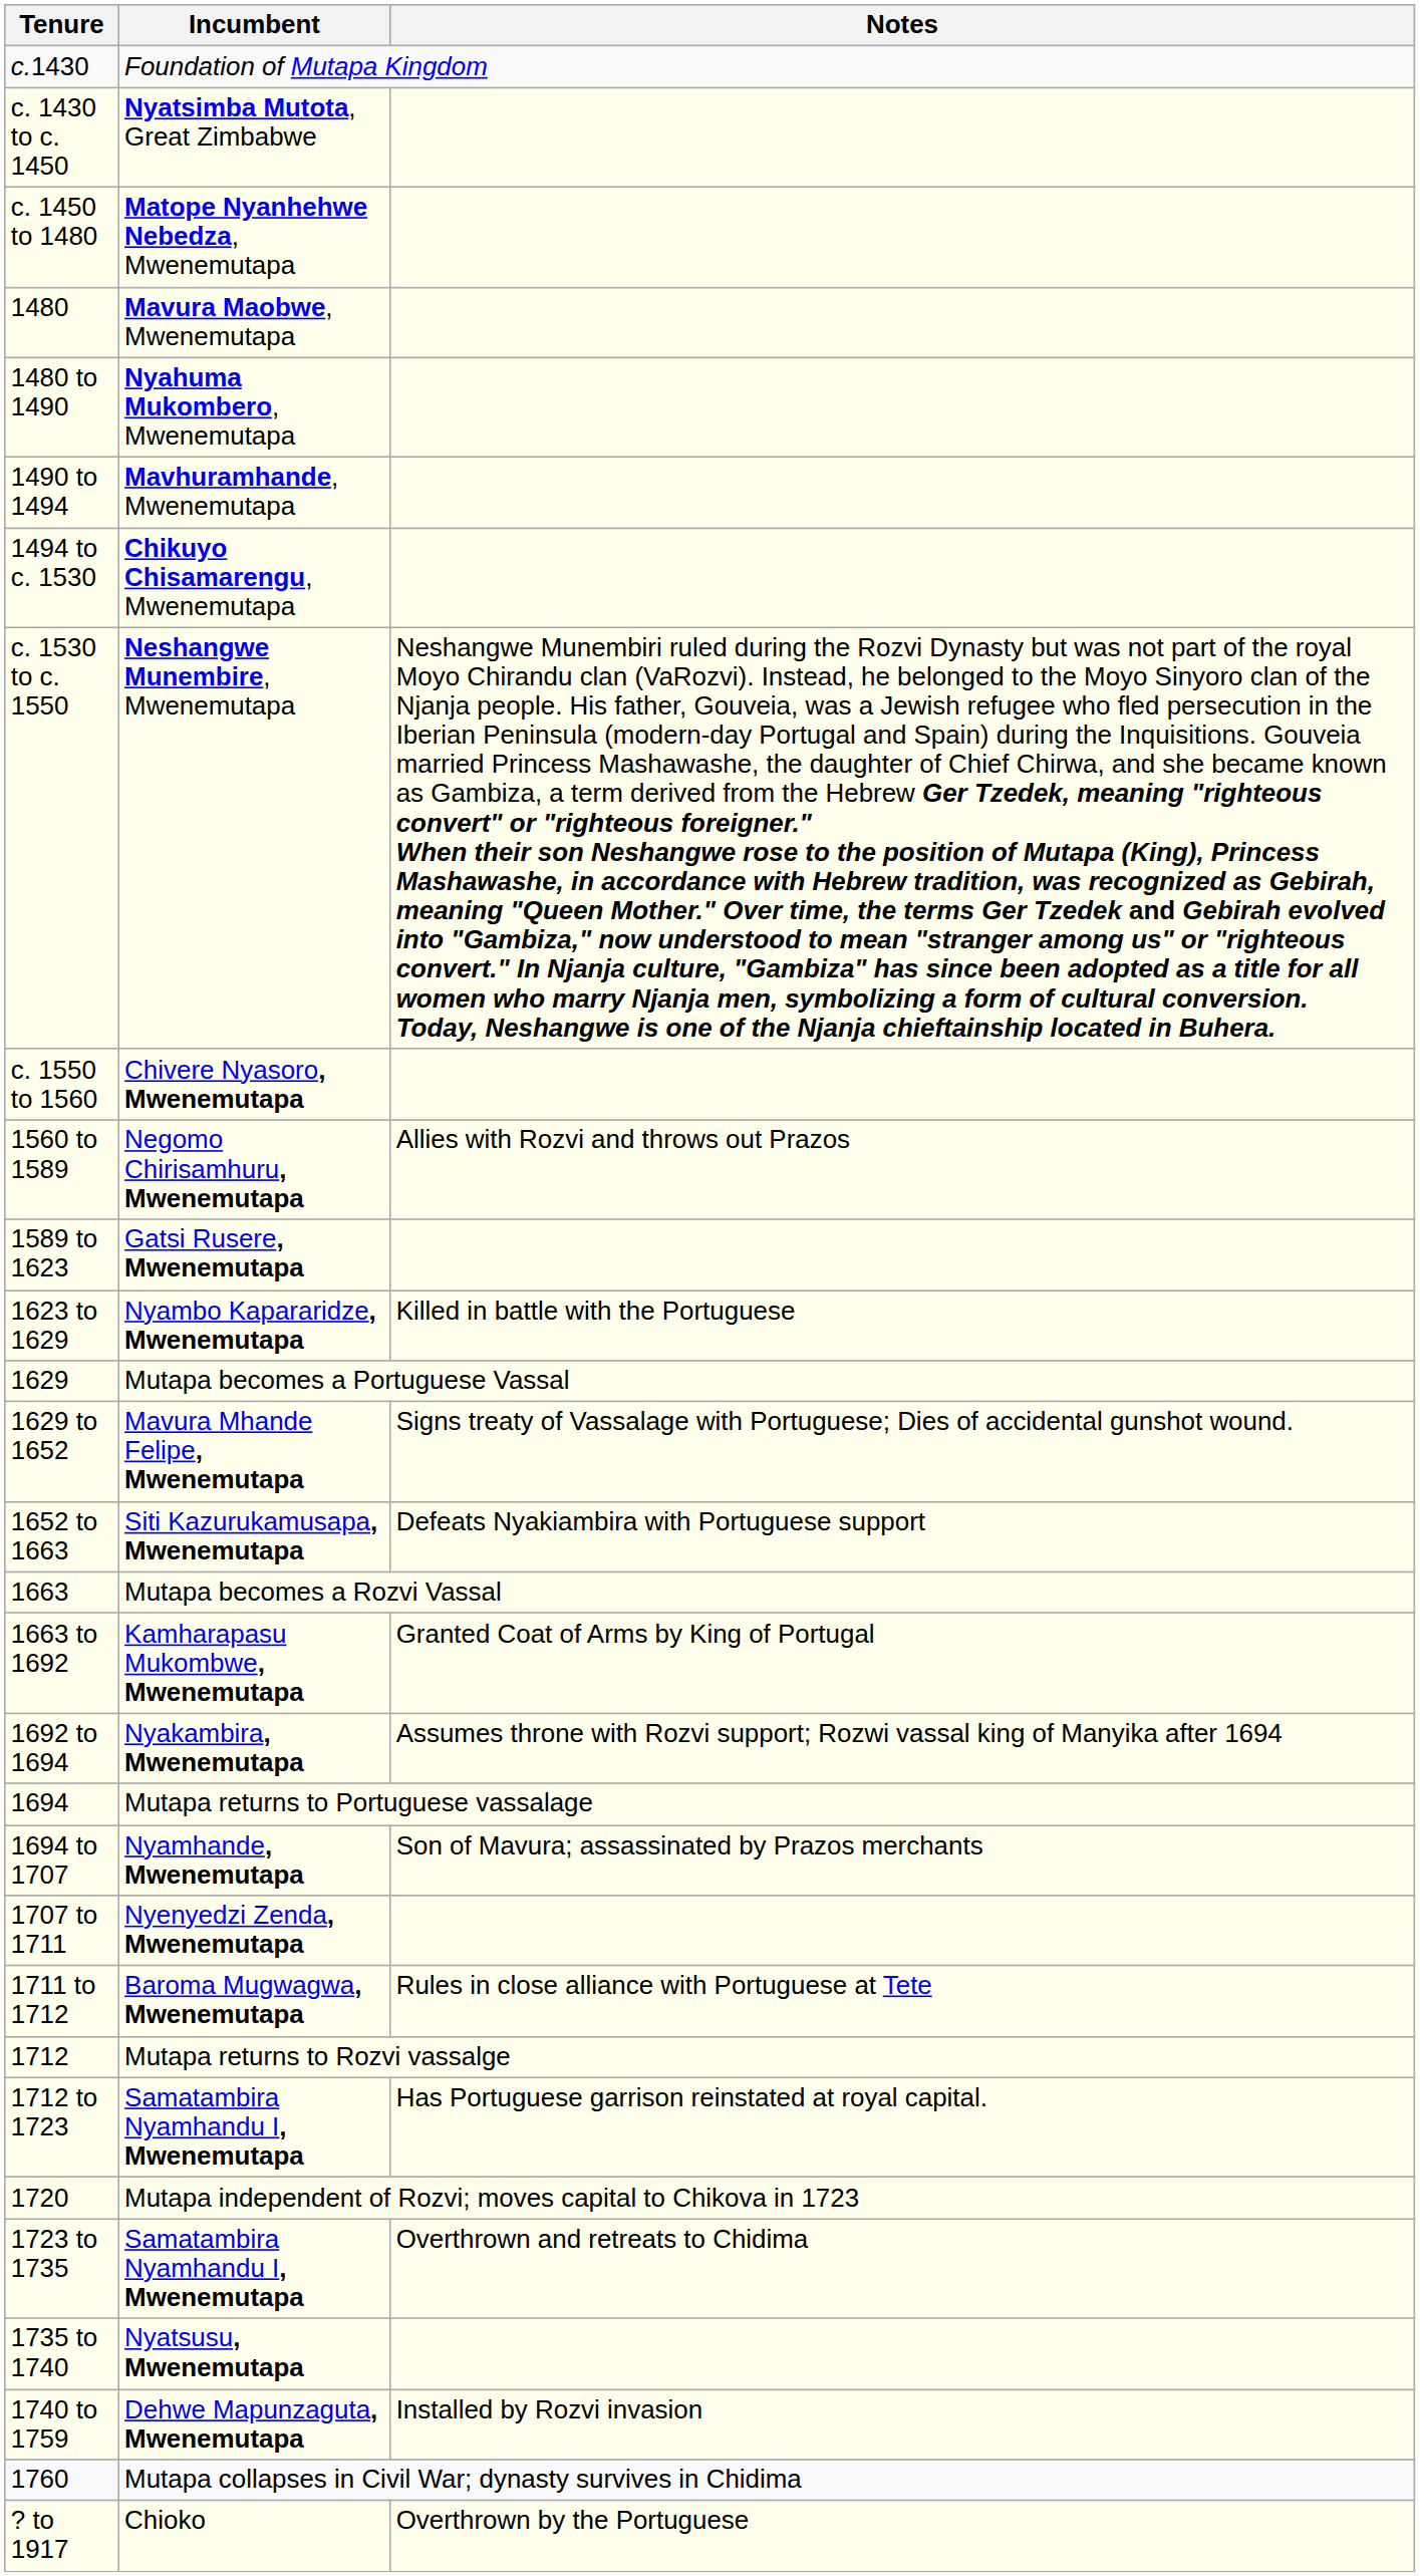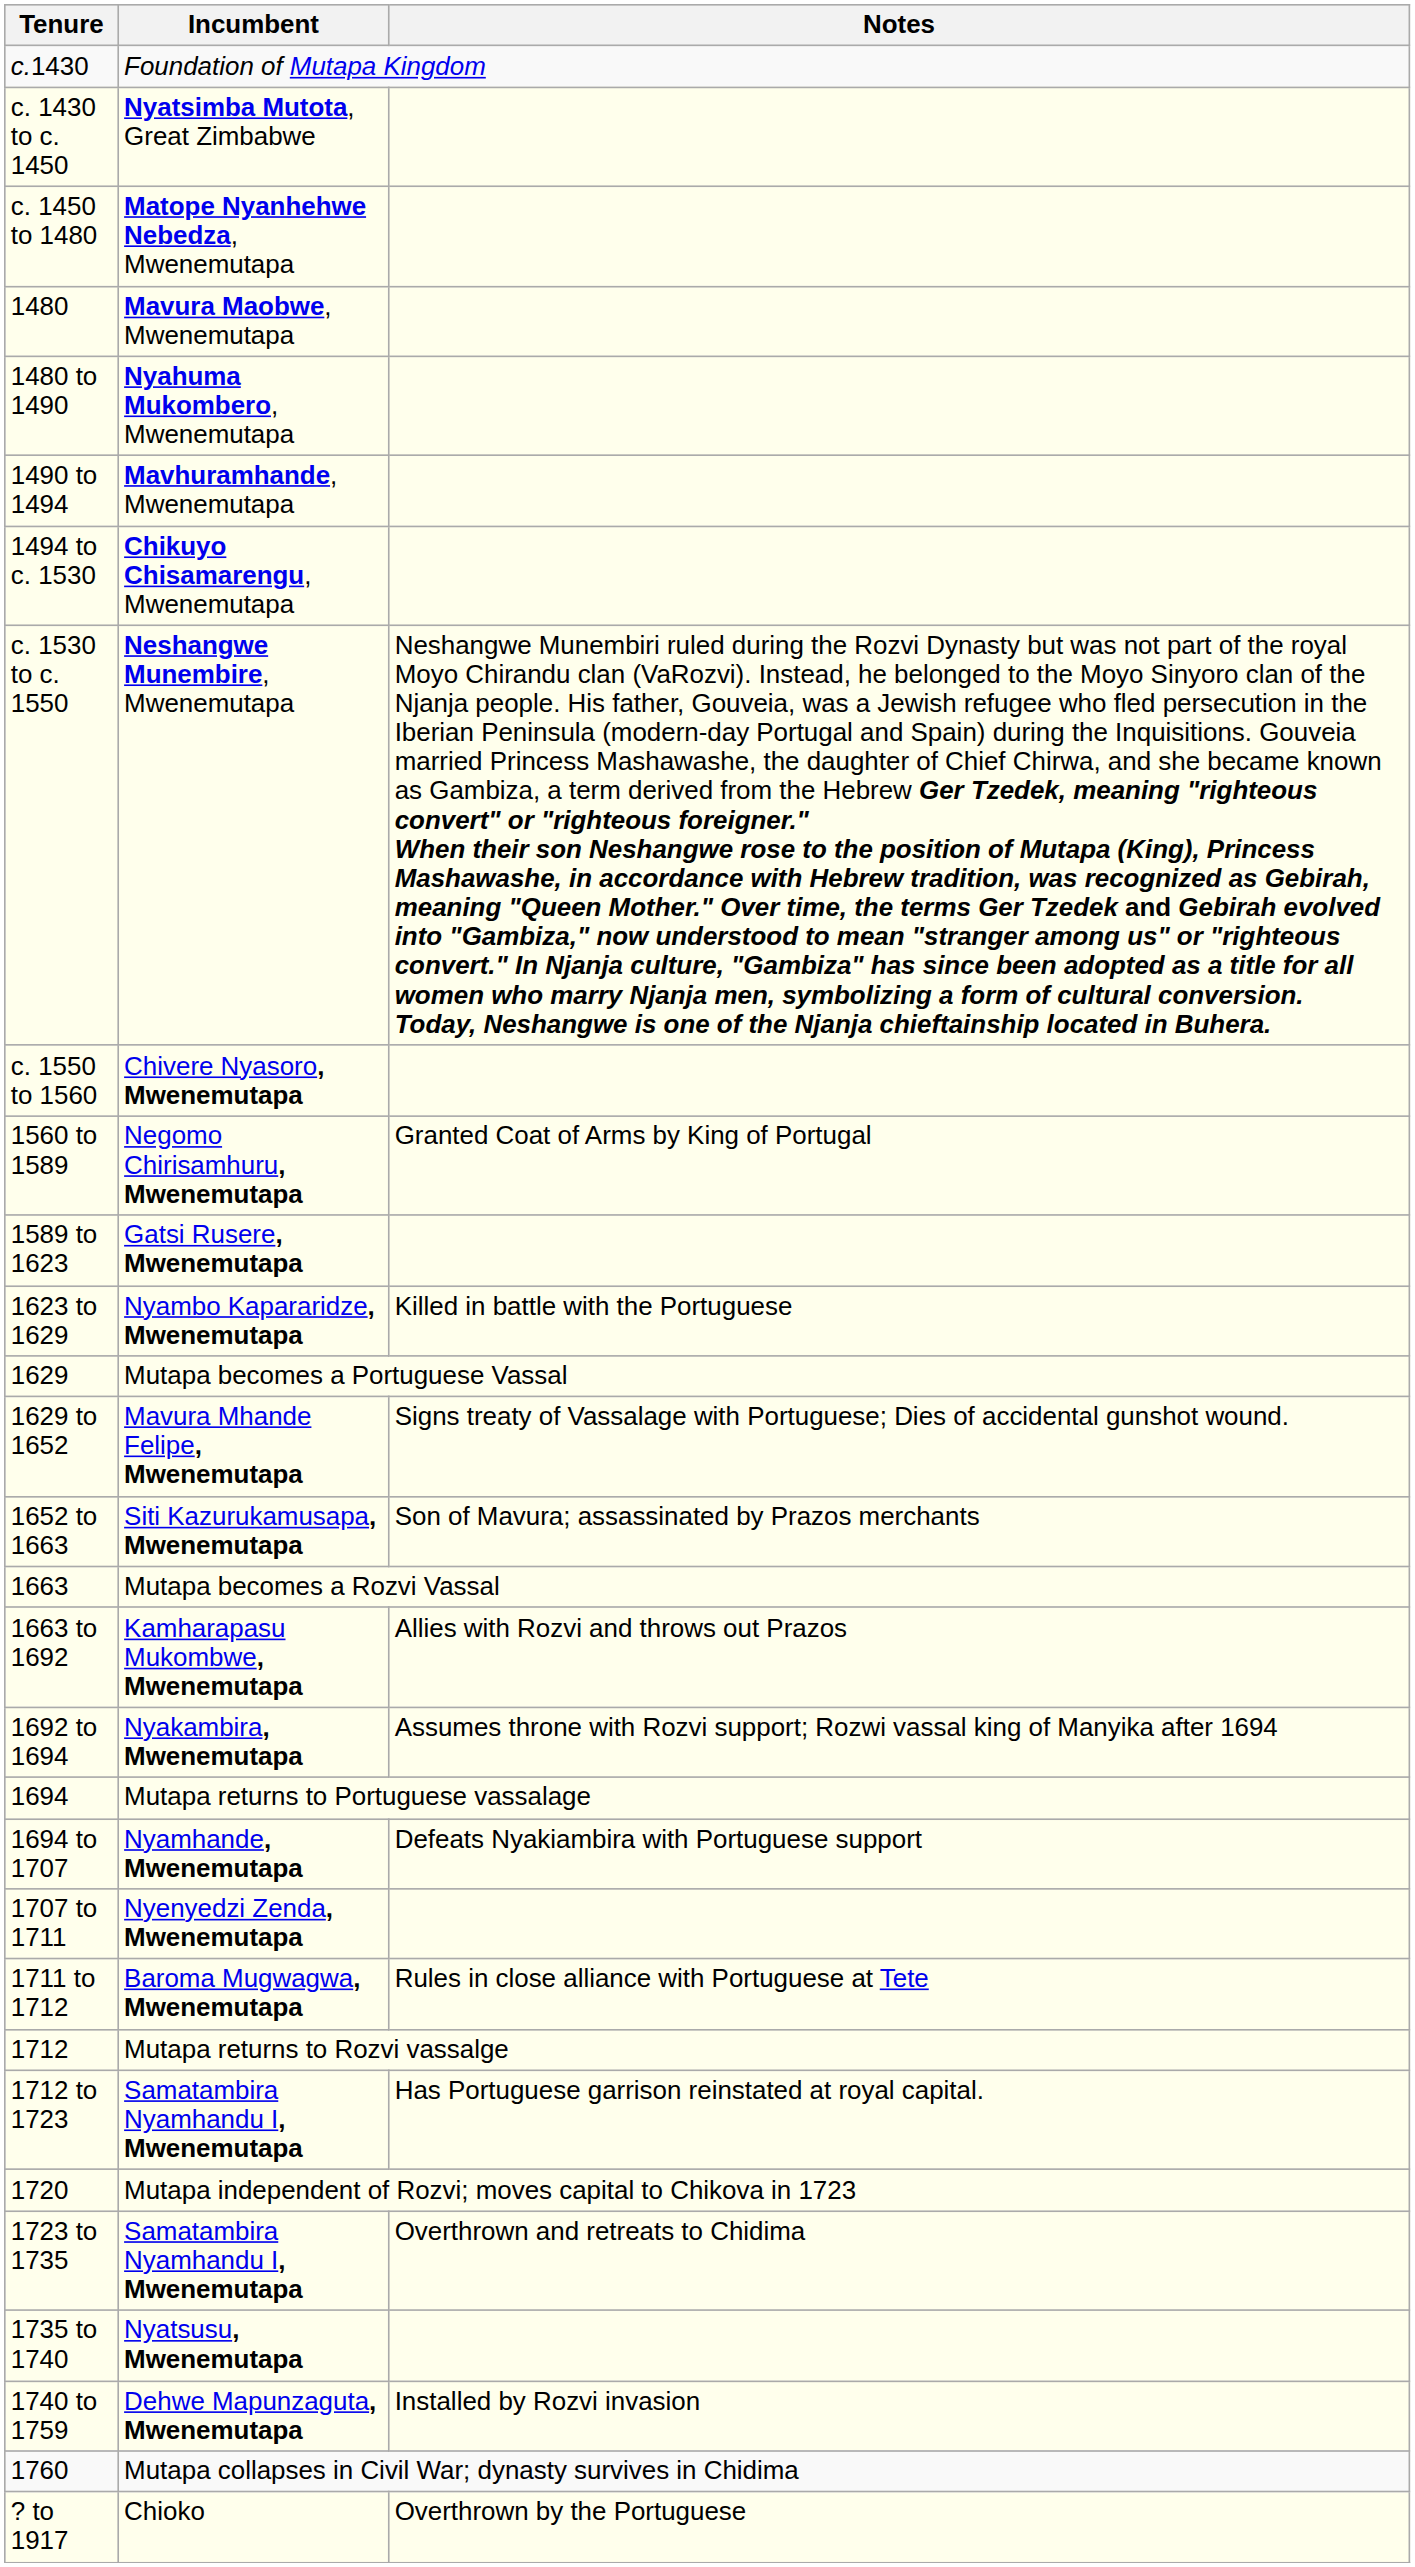 <table class="wikitable">
 <tr align=left>
 <th>Tenure</th>
 <th>Incumbent</th>
 <th>Notes</th>
 </tr>
 <tr>
 <td><em>c.</em>1430</td>
 <td colspan="2"><em>Foundation of <a href='#'>Mutapa Kingdom</a></em></td>
 </tr>
 <tr valign=top bgcolor="#ffffec">
 <td>c. 1430 to c. 1450</td>
 <td><strong><a href='#'>Nyatsimba Mutota</a></strong>, Great Zimbabwe</td>
 <td></td>
 </tr>
 <tr valign=top bgcolor="#ffffec">
 <td>c. 1450 to 1480</td>
 <td><strong><a href='#'>Matope Nyanhehwe Nebedza</a></strong>, Mwenemutapa</td>
 <td></td>
 </tr>
 <tr valign=top bgcolor="#ffffec">
 <td>1480</td>
 <td><strong><a href='#'>Mavura Maobwe</a></strong>, Mwenemutapa</td>
 <td></td>
 </tr>
 <tr valign=top bgcolor="#ffffec">
 <td>1480 to 1490</td>
 <td><strong><a href='#'>Nyahuma Mukombero</a></strong>, Mwenemutapa</td>
 <td></td>
 </tr>
 <tr valign=top bgcolor="#ffffec">
 <td>1490 to 1494</td>
 <td><strong><a href='#'>Mavhuramhande</a></strong>, Mwenemutapa</td>
 <td></td>
 </tr>
 <tr valign=top bgcolor="#ffffec">
 <td>1494 to c. 1530</td>
 <td><strong><a href='#'>Chikuyo Chisamarengu</a></strong>, Mwenemutapa</td>
 <td></td>
 </tr>
 <tr valign=top bgcolor="#ffffec">
 <td>c. 1530 to c. 1550</td>
 <td><strong><a href='#'>Neshangwe Munembire</a></strong>, Mwenemutapa</td>
 <td>Neshangwe Munembiri ruled during the Rozvi Dynasty but was not part of the royal Moyo Chirandu clan (VaRozvi). Instead, he belonged to the Moyo Sinyoro clan of the Njanja people. His father, Gouveia, was a Jewish refugee who fled persecution in the Iberian Peninsula (modern-day Portugal and Spain) during the Inquisitions. Gouveia married Princess Mashawashe, the daughter of Chief Chirwa, and she became known as Gambiza, a term derived from the Hebrew <strong><em>Ger Tzedek<em>, meaning "righteous convert" or "righteous foreigner."<strong><br>When their son Neshangwe rose to the position of Mutapa (King), Princess Mashawashe, in accordance with Hebrew tradition, was recognized as </em>Gebirah<em>, meaning "Queen Mother." Over time, the terms </em></strong>Ger Tzedek</em> and <em>Gebirah<strong><em> evolved into </strong>"Gambiza,"<strong> now understood to mean </strong>"stranger among us" or "righteous convert."<strong> In Njanja culture, "Gambiza" has since been adopted as a title for all women who marry Njanja men, symbolizing a form of cultural conversion.<br>Today, Neshangwe is one of the Njanja chieftainship located in Buhera.</td>
 </tr>
 <tr valign=top bgcolor="#ffffec">
 <td>c. 1550 to 1560</td>
 <td></strong><a href='#'>Chivere Nyasoro</a><strong>, Mwenemutapa</td>
 <td></td>
 </tr>
 <tr valign=top bgcolor="#ffffec">
 <td>1560 to 1589</td>
 <td></strong><a href='#'>Negomo Chirisamhuru</a><strong>, Mwenemutapa</td>
-<td>Allies with Rozvi and throws out Prazos</td>
+<td>Granted Coat of Arms by King of Portugal</td>
 </tr>
 <tr valign=top bgcolor="#ffffec">
 <td>1589 to 1623</td>
 <td></strong><a href='#'>Gatsi Rusere</a><strong>, Mwenemutapa</td>
 <td></td>
 </tr>
 <tr valign=top bgcolor="#ffffec">
 <td>1623 to 1629</td>
 <td></strong><a href='#'>Nyambo Kapararidze</a><strong>, Mwenemutapa</td>
 <td>Killed in battle with the Portuguese</td>
 </tr>
 <tr valign=top bgcolor="#ffffec">
 <td>1629</td>
 <td colspan="2"></em>Mutapa becomes a Portuguese Vassal<em></td>
 </tr>
 <tr valign=top bgcolor="#ffffec">
 <td>1629 to 1652</td>
 <td></strong><a href='#'>Mavura Mhande Felipe</a><strong>, Mwenemutapa</td>
 <td>Signs treaty of Vassalage with Portuguese; Dies of accidental gunshot wound.</td>
 </tr>
 <tr valign=top bgcolor="#ffffec">
 <td>1652 to 1663</td>
 <td></strong><a href='#'>Siti Kazurukamusapa</a><strong>, Mwenemutapa</td>
-<td>Defeats Nyakiambira with Portuguese support</td>
+<td>Son of Mavura; assassinated by Prazos merchants</td>
 </tr>
 <tr valign=top bgcolor="#ffffec">
 <td>1663</td>
 <td colspan="2"></em>Mutapa becomes a Rozvi Vassal<em></td>
 </tr>
 <tr valign=top bgcolor="#ffffec">
 <td>1663 to 1692</td>
 <td></strong><a href='#'>Kamharapasu Mukombwe</a><strong>, Mwenemutapa</td>
-<td>Granted Coat of Arms by King of Portugal</td>
+<td>Allies with Rozvi and throws out Prazos</td>
 </tr>
 <tr valign=top bgcolor="#ffffec">
 <td>1692 to 1694</td>
 <td></strong><a href='#'>Nyakambira</a><strong>, Mwenemutapa</td>
 <td>Assumes throne with Rozvi support; Rozwi vassal king of Manyika after 1694</td>
 </tr>
 <tr valign=top bgcolor="#ffffec">
 <td>1694</td>
 <td colspan="2"></em>Mutapa returns to Portuguese vassalage<em></td>
 </tr>
 <tr valign=top bgcolor="#ffffec">
 <td>1694 to 1707</td>
 <td></strong><a href='#'>Nyamhande</a><strong>, Mwenemutapa</td>
-<td>Son of Mavura; assassinated by Prazos merchants</td>
+<td>Defeats Nyakiambira with Portuguese support</td>
 </tr>
 <tr valign=top bgcolor="#ffffec">
 <td>1707 to 1711</td>
 <td></strong><a href='#'>Nyenyedzi Zenda</a><strong>, Mwenemutapa</td>
 <td></td>
 </tr>
 <tr valign=top bgcolor="#ffffec">
 <td>1711 to 1712</td>
 <td></strong><a href='#'>Baroma Mugwagwa</a><strong>, Mwenemutapa</td>
 <td>Rules in close alliance with Portuguese at <a href='#'>Tete</a></td>
 </tr>
 <tr valign=top bgcolor="#ffffec">
 <td>1712</td>
 <td colspan="2"></em>Mutapa returns to Rozvi vassalge<em></td>
 </tr>
 <tr valign=top bgcolor="#ffffec">
 <td>1712 to 1723</td>
 <td></strong><a href='#'>Samatambira Nyamhandu I</a><strong>, Mwenemutapa</td>
 <td>Has Portuguese garrison reinstated at royal capital.</td>
 </tr>
 <tr valign=top bgcolor="#ffffec">
 <td>1720</td>
 <td colspan="2"></em>Mutapa independent of Rozvi; moves capital to Chikova in 1723<em></td>
 </tr>
 <tr valign=top bgcolor="#ffffec">
 <td>1723 to 1735</td>
 <td></strong><a href='#'>Samatambira Nyamhandu I</a><strong>, Mwenemutapa</td>
 <td>Overthrown and retreats to Chidima</td>
 </tr>
 <tr valign=top bgcolor="#ffffec">
 <td>1735 to 1740</td>
 <td></strong><a href='#'>Nyatsusu</a><strong>, Mwenemutapa</td>
 <td></td>
 </tr>
 <tr valign=top bgcolor="#ffffec">
 <td>1740 to 1759</td>
 <td></strong><a href='#'>Dehwe Mapunzaguta</a><strong>, Mwenemutapa</td>
 <td>Installed by Rozvi invasion</td>
 </tr>
 <tr>
 <td>1760</td>
 <td colspan="2"></em>Mutapa collapses in Civil War; dynasty survives in Chidima<em></td>
 </tr>
 <tr valign=top bgcolor="#ffffec">
 <td>? to 1917</td>
 <td>Chioko</td>
 <td>Overthrown by the Portuguese</td>
 </tr>
 <tr valign=top bgcolor="#ffffec">
 </tr>
 </table>
